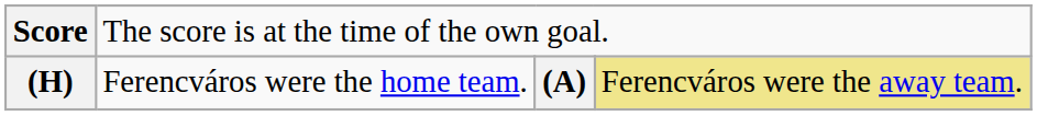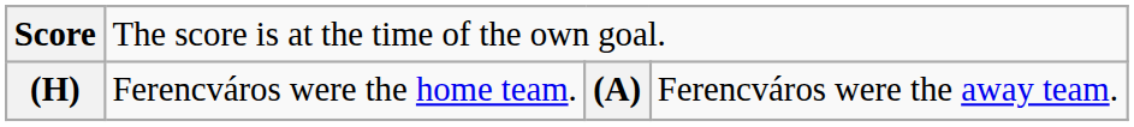 <table class="wikitable" style="font-size:85%;">
 <tr>
 <th>Score</th>
 <td colspan="3">The score is at the time of the own goal.</td>
 </tr>
 <tr>
 <th>(H)</th>
 <td>Ferencváros were the <a href='#'>home team</a>.</td>
 <th>(A)</th>
-<td style="background: khaki;">Ferencváros were the <a href='#'>away team</a>.</td>
+<td>Ferencváros were the <a href='#'>away team</a>.</td>
 </tr>
 </table>
